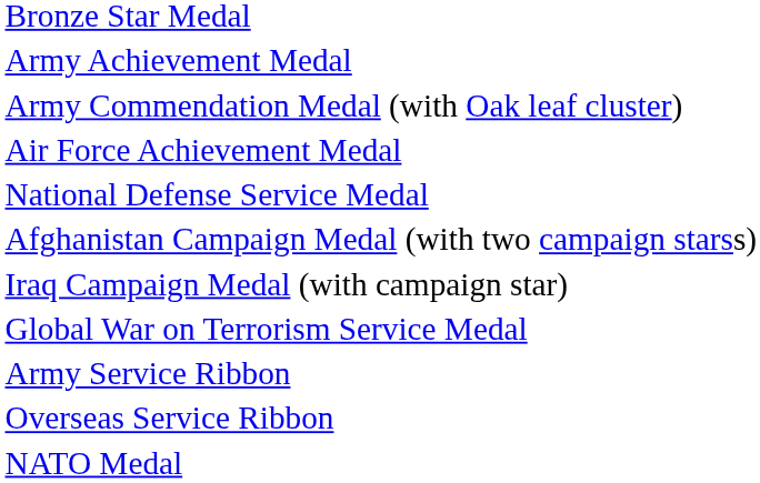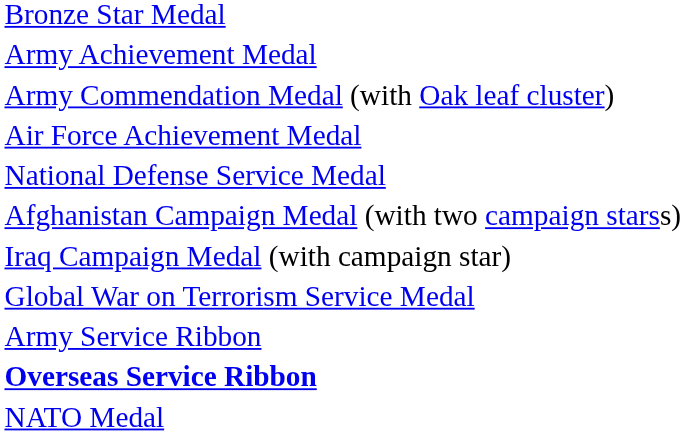 <table>
 <tr>
 <td> <a href='#'>Bronze Star Medal</a></td>
 </tr>
 <tr>
 <td> <a href='#'>Army Achievement Medal</a></td>
 </tr>
 <tr>
 <td> <a href='#'>Army Commendation Medal</a> (with <a href='#'>Oak leaf cluster</a>)</td>
 </tr>
 <tr>
 <td> <a href='#'>Air Force Achievement Medal</a></td>
 </tr>
 <tr>
 <td> <a href='#'>National Defense Service Medal</a></td>
 </tr>
 <tr>
 <td> <a href='#'>Afghanistan Campaign Medal</a> (with two <a href='#'>campaign stars</a>s)</td>
 </tr>
 <tr>
 <td> <a href='#'>Iraq Campaign Medal</a> (with campaign star)</td>
 </tr>
 <tr>
 <td> <a href='#'>Global War on Terrorism Service Medal</a></td>
 </tr>
 <tr>
 <td> <a href='#'>Army Service Ribbon</a></td>
 </tr>
 <tr>
-<td> <a href='#'>Overseas Service Ribbon</a></td>
+<td><strong> <a href='#'>Overseas Service Ribbon</a></strong></td>
 </tr>
 <tr>
 <td> <a href='#'>NATO Medal</a></td>
 </tr>
 </table>
